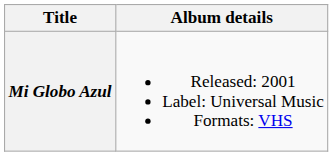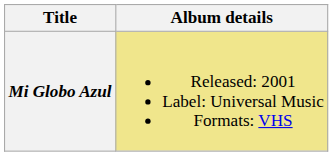 <table class="wikitable plainrowheaders" style="text-align:center;">
 <tr>
 <th>Title</th>
 <th>Album details</th>
 </tr>
 <tr>
 <th scope="row"><em>Mi Globo Azul</em></th>
-<td><br><ul><li>Released: 2001</li><li>Label: Universal Music</li><li>Formats: <a href='#'>VHS</a></li></ul></td>
+<td style="background: khaki;"><br><ul><li>Released: 2001</li><li>Label: Universal Music</li><li>Formats: <a href='#'>VHS</a></li></ul></td>
 </tr>
 </table>
